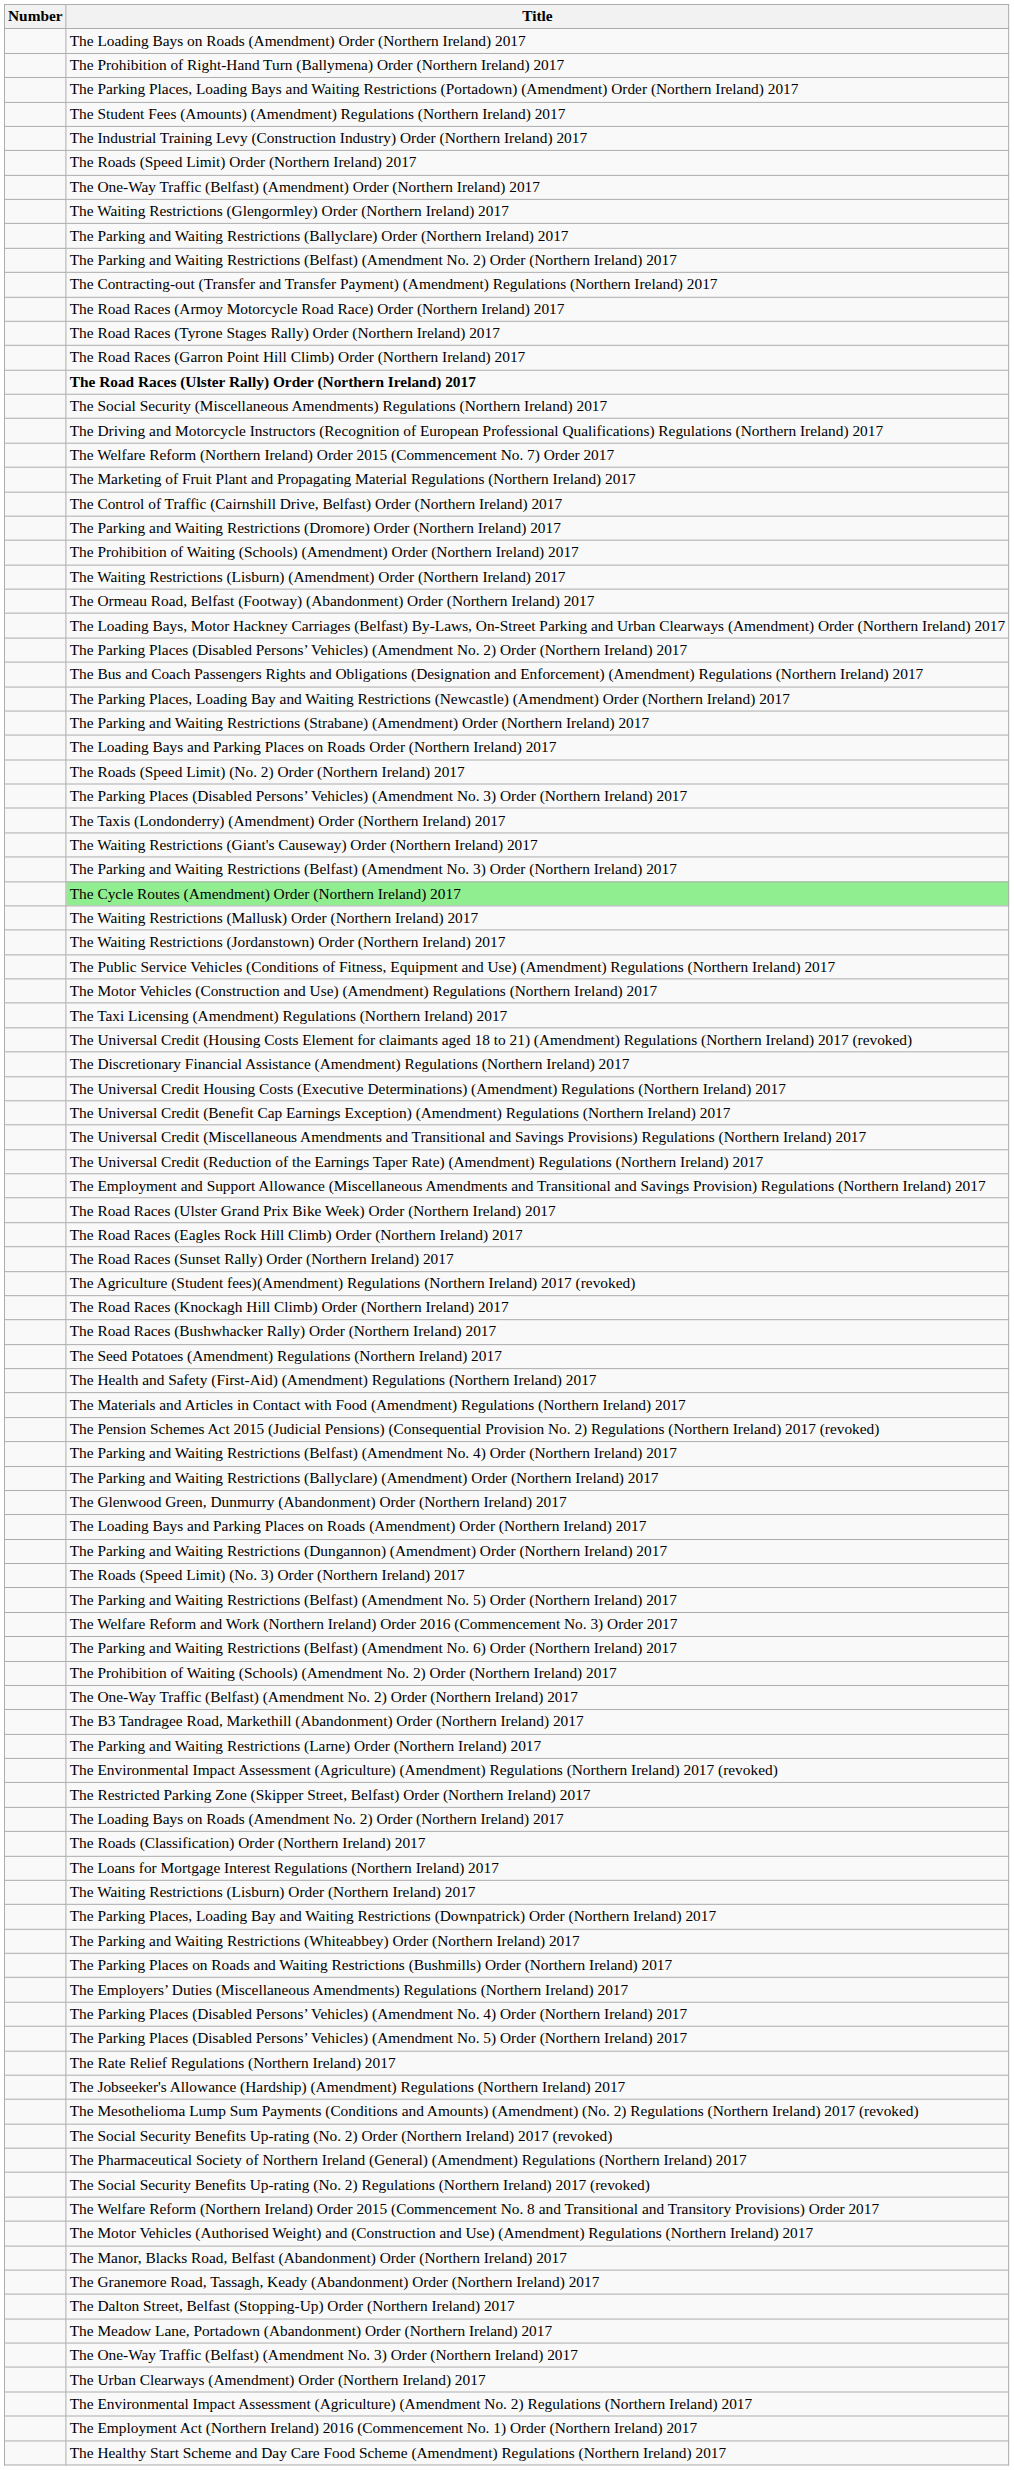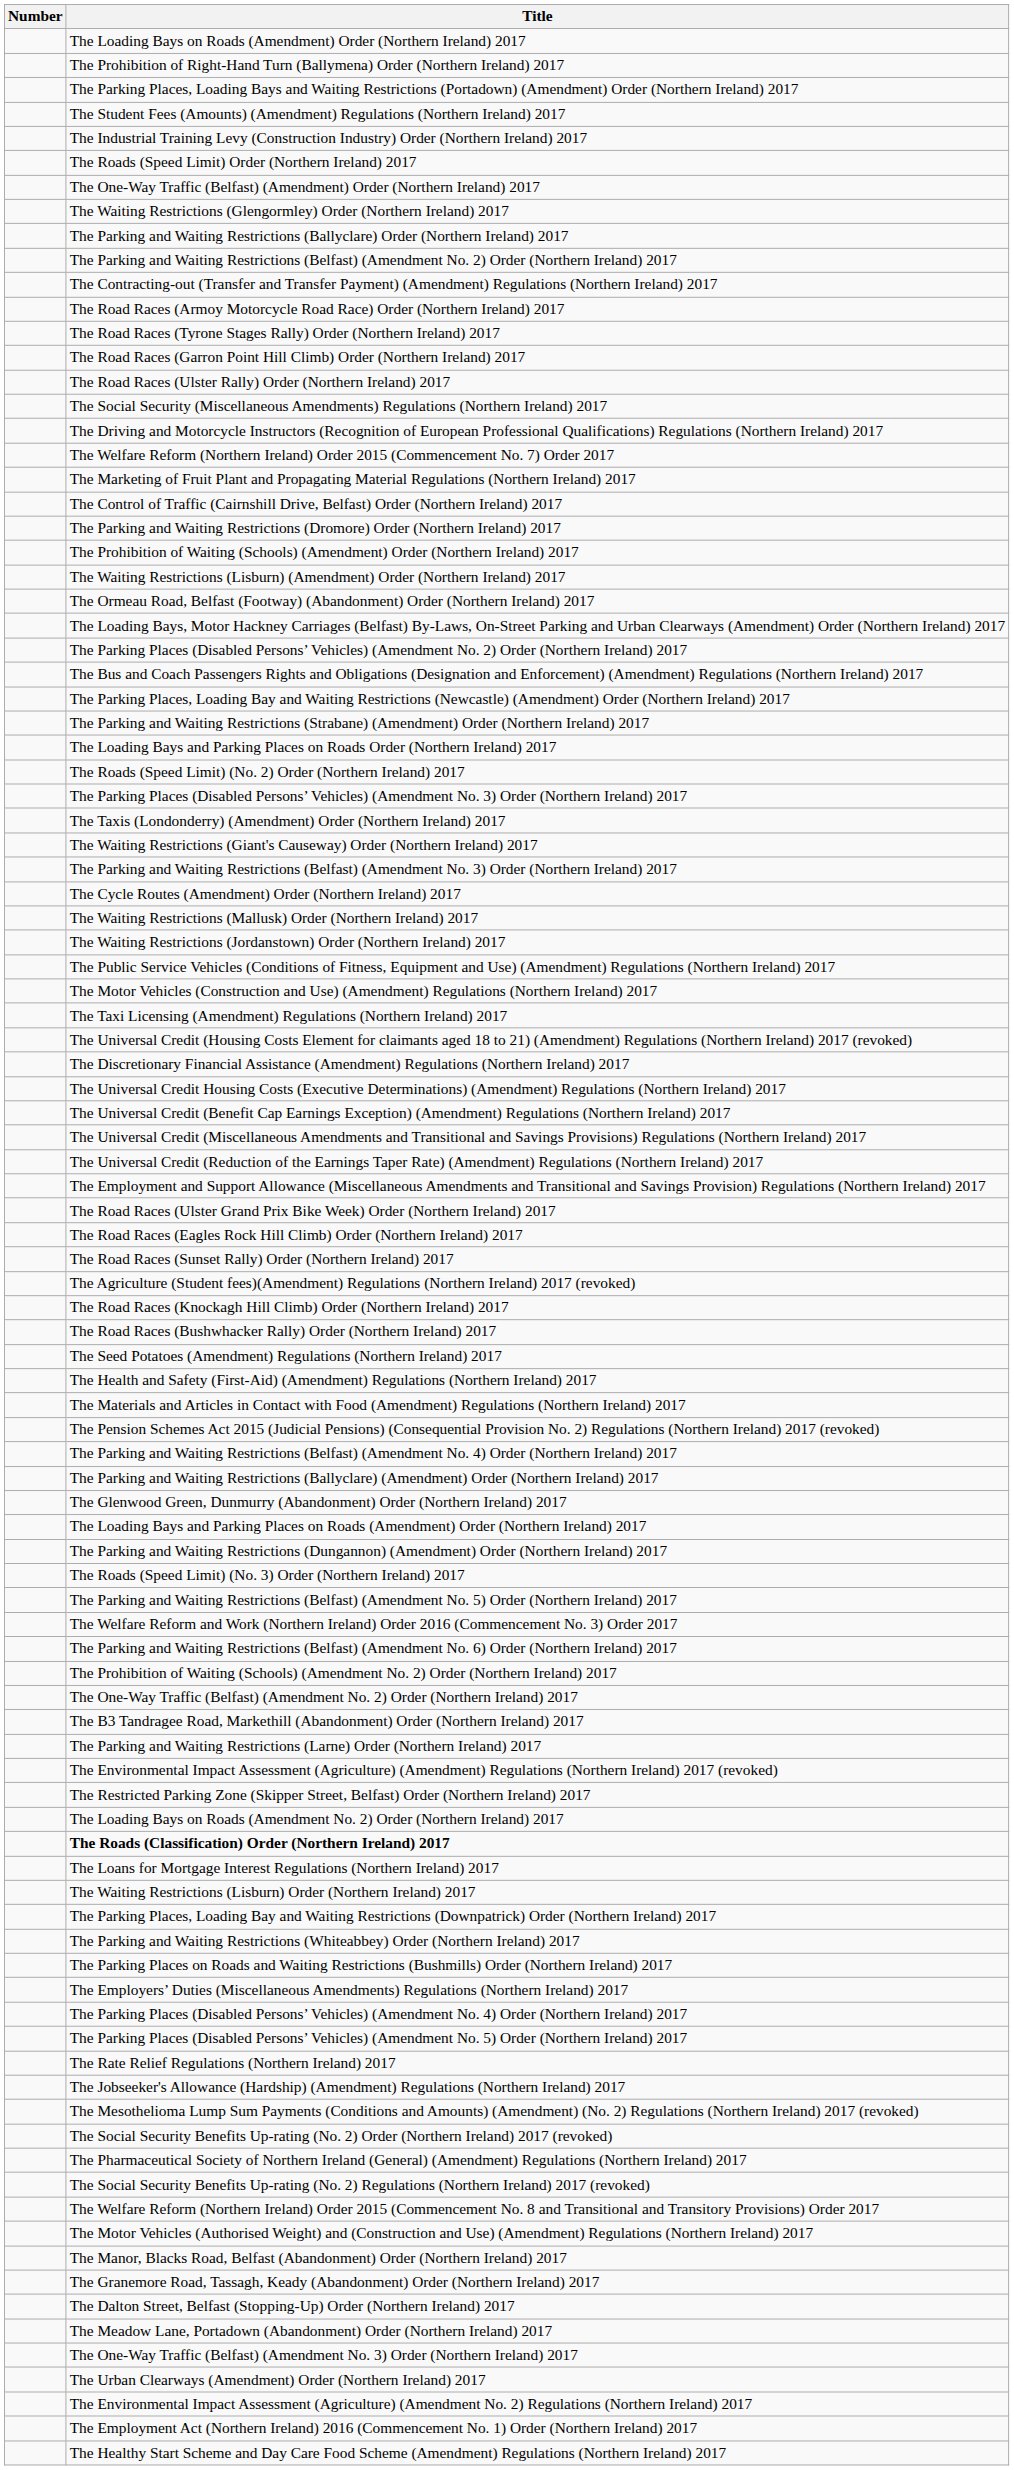 <table class="wikitable collapsible">
 <tr>
 <th>Number</th>
 <th>Title</th>
 </tr>
 <tr>
 <td></td>
 <td>The Loading Bays on Roads (Amendment) Order (Northern Ireland) 2017</td>
 </tr>
 <tr>
 <td></td>
 <td>The Prohibition of Right-Hand Turn (Ballymena) Order (Northern Ireland) 2017</td>
 </tr>
 <tr>
 <td></td>
 <td>The Parking Places, Loading Bays and Waiting Restrictions (Portadown) (Amendment) Order (Northern Ireland) 2017</td>
 </tr>
 <tr>
 <td></td>
 <td>The Student Fees (Amounts) (Amendment) Regulations (Northern Ireland) 2017</td>
 </tr>
 <tr>
 <td></td>
 <td>The Industrial Training Levy (Construction Industry) Order (Northern Ireland) 2017</td>
 </tr>
 <tr>
 <td></td>
 <td>The Roads (Speed Limit) Order (Northern Ireland) 2017</td>
 </tr>
 <tr>
 <td></td>
 <td>The One-Way Traffic (Belfast) (Amendment) Order (Northern Ireland) 2017</td>
 </tr>
 <tr>
 <td></td>
 <td>The Waiting Restrictions (Glengormley) Order (Northern Ireland) 2017</td>
 </tr>
 <tr>
 <td></td>
 <td>The Parking and Waiting Restrictions (Ballyclare) Order (Northern Ireland) 2017</td>
 </tr>
 <tr>
 <td></td>
 <td>The Parking and Waiting Restrictions (Belfast) (Amendment No. 2) Order (Northern Ireland) 2017</td>
 </tr>
 <tr>
 <td></td>
 <td>The Contracting-out (Transfer and Transfer Payment) (Amendment) Regulations (Northern Ireland) 2017</td>
 </tr>
 <tr>
 <td></td>
 <td>The Road Races (Armoy Motorcycle Road Race) Order (Northern Ireland) 2017</td>
 </tr>
 <tr>
 <td></td>
 <td>The Road Races (Tyrone Stages Rally) Order (Northern Ireland) 2017</td>
 </tr>
 <tr>
 <td></td>
 <td>The Road Races (Garron Point Hill Climb) Order (Northern Ireland) 2017</td>
 </tr>
 <tr>
 <td></td>
-<td><strong>The Road Races (Ulster Rally) Order (Northern Ireland) 2017</strong></td>
+<td>The Road Races (Ulster Rally) Order (Northern Ireland) 2017</td>
 </tr>
 <tr>
 <td></td>
 <td>The Social Security (Miscellaneous Amendments) Regulations (Northern Ireland) 2017</td>
 </tr>
 <tr>
 <td></td>
 <td>The Driving and Motorcycle Instructors (Recognition of European Professional Qualifications) Regulations (Northern Ireland) 2017</td>
 </tr>
 <tr>
 <td></td>
 <td>The Welfare Reform (Northern Ireland) Order 2015 (Commencement No. 7) Order 2017</td>
 </tr>
 <tr>
 <td></td>
 <td>The Marketing of Fruit Plant and Propagating Material Regulations (Northern Ireland) 2017</td>
 </tr>
 <tr>
 <td></td>
 <td>The Control of Traffic (Cairnshill Drive, Belfast) Order (Northern Ireland) 2017</td>
 </tr>
 <tr>
 <td></td>
 <td>The Parking and Waiting Restrictions (Dromore) Order (Northern Ireland) 2017</td>
 </tr>
 <tr>
 <td></td>
 <td>The Prohibition of Waiting (Schools) (Amendment) Order (Northern Ireland) 2017</td>
 </tr>
 <tr>
 <td></td>
 <td>The Waiting Restrictions (Lisburn) (Amendment) Order (Northern Ireland) 2017</td>
 </tr>
 <tr>
 <td></td>
 <td>The Ormeau Road, Belfast (Footway) (Abandonment) Order (Northern Ireland) 2017</td>
 </tr>
 <tr>
 <td></td>
 <td>The Loading Bays, Motor Hackney Carriages (Belfast) By-Laws, On-Street Parking and Urban Clearways (Amendment) Order (Northern Ireland) 2017</td>
 </tr>
 <tr>
 <td></td>
 <td>The Parking Places (Disabled Persons’ Vehicles) (Amendment No. 2) Order (Northern Ireland) 2017</td>
 </tr>
 <tr>
 <td></td>
 <td>The Bus and Coach Passengers Rights and Obligations (Designation and Enforcement) (Amendment) Regulations (Northern Ireland) 2017</td>
 </tr>
 <tr>
 <td></td>
 <td>The Parking Places, Loading Bay and Waiting Restrictions (Newcastle) (Amendment) Order (Northern Ireland) 2017</td>
 </tr>
 <tr>
 <td></td>
 <td>The Parking and Waiting Restrictions (Strabane) (Amendment) Order (Northern Ireland) 2017</td>
 </tr>
 <tr>
 <td></td>
 <td>The Loading Bays and Parking Places on Roads Order (Northern Ireland) 2017</td>
 </tr>
 <tr>
 <td></td>
 <td>The Roads (Speed Limit) (No. 2) Order (Northern Ireland) 2017</td>
 </tr>
 <tr>
 <td></td>
 <td>The Parking Places (Disabled Persons’ Vehicles) (Amendment No. 3) Order (Northern Ireland) 2017</td>
 </tr>
 <tr>
 <td></td>
 <td>The Taxis (Londonderry) (Amendment) Order (Northern Ireland) 2017</td>
 </tr>
 <tr>
 <td></td>
 <td>The Waiting Restrictions (Giant's Causeway) Order (Northern Ireland) 2017</td>
 </tr>
 <tr>
 <td></td>
 <td>The Parking and Waiting Restrictions (Belfast) (Amendment No. 3) Order (Northern Ireland) 2017</td>
 </tr>
 <tr>
 <td></td>
-<td style="background: lightgreen;">The Cycle Routes (Amendment) Order (Northern Ireland) 2017</td>
+<td>The Cycle Routes (Amendment) Order (Northern Ireland) 2017</td>
 </tr>
 <tr>
 <td></td>
 <td>The Waiting Restrictions (Mallusk) Order (Northern Ireland) 2017</td>
 </tr>
 <tr>
 <td></td>
 <td>The Waiting Restrictions (Jordanstown) Order (Northern Ireland) 2017</td>
 </tr>
 <tr>
 <td></td>
 <td>The Public Service Vehicles (Conditions of Fitness, Equipment and Use) (Amendment) Regulations (Northern Ireland) 2017</td>
 </tr>
 <tr>
 <td></td>
 <td>The Motor Vehicles (Construction and Use) (Amendment) Regulations (Northern Ireland) 2017</td>
 </tr>
 <tr>
 <td></td>
 <td>The Taxi Licensing (Amendment) Regulations (Northern Ireland) 2017</td>
 </tr>
 <tr>
 <td></td>
 <td>The Universal Credit (Housing Costs Element for claimants aged 18 to 21) (Amendment) Regulations (Northern Ireland) 2017 (revoked)</td>
 </tr>
 <tr>
 <td></td>
 <td>The Discretionary Financial Assistance (Amendment) Regulations (Northern Ireland) 2017</td>
 </tr>
 <tr>
 <td></td>
 <td>The Universal Credit Housing Costs (Executive Determinations) (Amendment) Regulations (Northern Ireland) 2017</td>
 </tr>
 <tr>
 <td></td>
 <td>The Universal Credit (Benefit Cap Earnings Exception) (Amendment) Regulations (Northern Ireland) 2017</td>
 </tr>
 <tr>
 <td></td>
 <td>The Universal Credit (Miscellaneous Amendments and Transitional and Savings Provisions) Regulations (Northern Ireland) 2017</td>
 </tr>
 <tr>
 <td></td>
 <td>The Universal Credit (Reduction of the Earnings Taper Rate) (Amendment) Regulations (Northern Ireland) 2017</td>
 </tr>
 <tr>
 <td></td>
 <td>The Employment and Support Allowance (Miscellaneous Amendments and Transitional and Savings Provision) Regulations (Northern Ireland) 2017</td>
 </tr>
 <tr>
 <td></td>
 <td>The Road Races (Ulster Grand Prix Bike Week) Order (Northern Ireland) 2017</td>
 </tr>
 <tr>
 <td></td>
 <td>The Road Races (Eagles Rock Hill Climb) Order (Northern Ireland) 2017</td>
 </tr>
 <tr>
 <td></td>
 <td>The Road Races (Sunset Rally) Order (Northern Ireland) 2017</td>
 </tr>
 <tr>
 <td></td>
 <td>The Agriculture (Student fees)(Amendment) Regulations (Northern Ireland) 2017 (revoked)</td>
 </tr>
 <tr>
 <td></td>
 <td>The Road Races (Knockagh Hill Climb) Order (Northern Ireland) 2017</td>
 </tr>
 <tr>
 <td></td>
 <td>The Road Races (Bushwhacker Rally) Order (Northern Ireland) 2017</td>
 </tr>
 <tr>
 <td></td>
 <td>The Seed Potatoes (Amendment) Regulations (Northern Ireland) 2017</td>
 </tr>
 <tr>
 <td></td>
 <td>The Health and Safety (First-Aid) (Amendment) Regulations (Northern Ireland) 2017</td>
 </tr>
 <tr>
 <td></td>
 <td>The Materials and Articles in Contact with Food (Amendment) Regulations (Northern Ireland) 2017</td>
 </tr>
 <tr>
 <td></td>
 <td>The Pension Schemes Act 2015 (Judicial Pensions) (Consequential Provision No. 2) Regulations (Northern Ireland) 2017 (revoked)</td>
 </tr>
 <tr>
 <td></td>
 <td>The Parking and Waiting Restrictions (Belfast) (Amendment No. 4) Order (Northern Ireland) 2017</td>
 </tr>
 <tr>
 <td></td>
 <td>The Parking and Waiting Restrictions (Ballyclare) (Amendment) Order (Northern Ireland) 2017</td>
 </tr>
 <tr>
 <td></td>
 <td>The Glenwood Green, Dunmurry (Abandonment) Order (Northern Ireland) 2017</td>
 </tr>
 <tr>
 <td></td>
 <td>The Loading Bays and Parking Places on Roads (Amendment) Order (Northern Ireland) 2017</td>
 </tr>
 <tr>
 <td></td>
 <td>The Parking and Waiting Restrictions (Dungannon) (Amendment) Order (Northern Ireland) 2017</td>
 </tr>
 <tr>
 <td></td>
 <td>The Roads (Speed Limit) (No. 3) Order (Northern Ireland) 2017</td>
 </tr>
 <tr>
 <td></td>
 <td>The Parking and Waiting Restrictions (Belfast) (Amendment No. 5) Order (Northern Ireland) 2017</td>
 </tr>
 <tr>
 <td></td>
 <td>The Welfare Reform and Work (Northern Ireland) Order 2016 (Commencement No. 3) Order 2017</td>
 </tr>
 <tr>
 <td></td>
 <td>The Parking and Waiting Restrictions (Belfast) (Amendment No. 6) Order (Northern Ireland) 2017</td>
 </tr>
 <tr>
 <td></td>
 <td>The Prohibition of Waiting (Schools) (Amendment No. 2) Order (Northern Ireland) 2017</td>
 </tr>
 <tr>
 <td></td>
 <td>The One-Way Traffic (Belfast) (Amendment No. 2) Order (Northern Ireland) 2017</td>
 </tr>
 <tr>
 <td></td>
 <td>The B3 Tandragee Road, Markethill (Abandonment) Order (Northern Ireland) 2017</td>
 </tr>
 <tr>
 <td></td>
 <td>The Parking and Waiting Restrictions (Larne) Order (Northern Ireland) 2017</td>
 </tr>
 <tr>
 <td></td>
 <td>The Environmental Impact Assessment (Agriculture) (Amendment) Regulations (Northern Ireland) 2017 (revoked)</td>
 </tr>
 <tr>
 <td></td>
 <td>The Restricted Parking Zone (Skipper Street, Belfast) Order (Northern Ireland) 2017</td>
 </tr>
 <tr>
 <td></td>
 <td>The Loading Bays on Roads (Amendment No. 2) Order (Northern Ireland) 2017</td>
 </tr>
 <tr>
 <td></td>
-<td>The Roads (Classification) Order (Northern Ireland) 2017</td>
+<td><strong>The Roads (Classification) Order (Northern Ireland) 2017</strong></td>
 </tr>
 <tr>
 <td></td>
 <td>The Loans for Mortgage Interest Regulations (Northern Ireland) 2017</td>
 </tr>
 <tr>
 <td></td>
 <td>The Waiting Restrictions (Lisburn) Order (Northern Ireland) 2017</td>
 </tr>
 <tr>
 <td></td>
 <td>The Parking Places, Loading Bay and Waiting Restrictions (Downpatrick) Order (Northern Ireland) 2017</td>
 </tr>
 <tr>
 <td></td>
 <td>The Parking and Waiting Restrictions (Whiteabbey) Order (Northern Ireland) 2017</td>
 </tr>
 <tr>
 <td></td>
 <td>The Parking Places on Roads and Waiting Restrictions (Bushmills) Order (Northern Ireland) 2017</td>
 </tr>
 <tr>
 <td></td>
 <td>The Employers’ Duties (Miscellaneous Amendments) Regulations (Northern Ireland) 2017</td>
 </tr>
 <tr>
 <td></td>
 <td>The Parking Places (Disabled Persons’ Vehicles) (Amendment No. 4) Order (Northern Ireland) 2017</td>
 </tr>
 <tr>
 <td></td>
 <td>The Parking Places (Disabled Persons’ Vehicles) (Amendment No. 5) Order (Northern Ireland) 2017</td>
 </tr>
 <tr>
 <td></td>
 <td>The Rate Relief Regulations (Northern Ireland) 2017</td>
 </tr>
 <tr>
 <td></td>
 <td>The Jobseeker's Allowance (Hardship) (Amendment) Regulations (Northern Ireland) 2017</td>
 </tr>
 <tr>
 <td></td>
 <td>The Mesothelioma Lump Sum Payments (Conditions and Amounts) (Amendment) (No. 2) Regulations (Northern Ireland) 2017 (revoked)</td>
 </tr>
 <tr>
 <td></td>
 <td>The Social Security Benefits Up-rating (No. 2) Order (Northern Ireland) 2017 (revoked)</td>
 </tr>
 <tr>
 <td></td>
 <td>The Pharmaceutical Society of Northern Ireland (General) (Amendment) Regulations (Northern Ireland) 2017</td>
 </tr>
 <tr>
 <td></td>
 <td>The Social Security Benefits Up-rating (No. 2) Regulations (Northern Ireland) 2017 (revoked)</td>
 </tr>
 <tr>
 <td></td>
 <td>The Welfare Reform (Northern Ireland) Order 2015 (Commencement No. 8 and Transitional and Transitory Provisions) Order 2017</td>
 </tr>
 <tr>
 <td></td>
 <td>The Motor Vehicles (Authorised Weight) and (Construction and Use) (Amendment) Regulations (Northern Ireland) 2017</td>
 </tr>
 <tr>
 <td></td>
 <td>The Manor, Blacks Road, Belfast (Abandonment) Order (Northern Ireland) 2017</td>
 </tr>
 <tr>
 <td></td>
 <td>The Granemore Road, Tassagh, Keady (Abandonment) Order (Northern Ireland) 2017</td>
 </tr>
 <tr>
 <td></td>
 <td>The Dalton Street, Belfast (Stopping-Up) Order (Northern Ireland) 2017</td>
 </tr>
 <tr>
 <td></td>
 <td>The Meadow Lane, Portadown (Abandonment) Order (Northern Ireland) 2017</td>
 </tr>
 <tr>
 <td></td>
 <td>The One-Way Traffic (Belfast) (Amendment No. 3) Order (Northern Ireland) 2017</td>
 </tr>
 <tr>
 <td></td>
 <td>The Urban Clearways (Amendment) Order (Northern Ireland) 2017</td>
 </tr>
 <tr>
 <td></td>
 <td>The Environmental Impact Assessment (Agriculture) (Amendment No. 2) Regulations (Northern Ireland) 2017</td>
 </tr>
 <tr>
 <td></td>
 <td>The Employment Act (Northern Ireland) 2016 (Commencement No. 1) Order (Northern Ireland) 2017</td>
 </tr>
 <tr>
 <td></td>
 <td>The Healthy Start Scheme and Day Care Food Scheme (Amendment) Regulations (Northern Ireland) 2017</td>
 </tr>
 </table>
